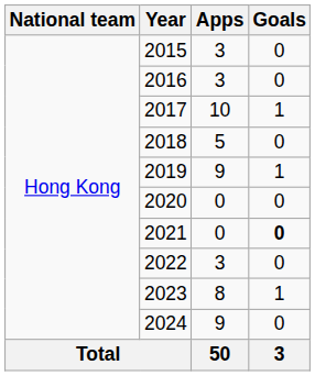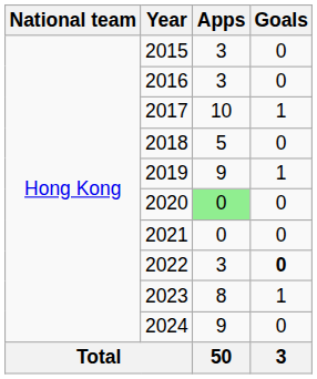 <table class="wikitable" style="text-align:center">
 <tr>
 <th>National team</th>
 <th>Year</th>
 <th>Apps</th>
 <th>Goals</th>
 </tr>
 <tr>
 <td rowspan="10"><a href='#'>Hong Kong</a></td>
 <td>2015</td>
 <td>3</td>
 <td>0</td>
 </tr>
 <tr>
 <td>2016</td>
 <td>3</td>
 <td>0</td>
 </tr>
 <tr>
 <td>2017</td>
 <td>10</td>
 <td>1</td>
 </tr>
 <tr>
 <td>2018</td>
 <td>5</td>
 <td>0</td>
 </tr>
 <tr>
 <td>2019</td>
 <td>9</td>
 <td>1</td>
 </tr>
 <tr>
 <td>2020</td>
-<td>0</td>
+<td style="background: lightgreen;">0</td>
 <td>0</td>
 </tr>
 <tr>
 <td>2021</td>
 <td>0</td>
-<td><strong>0</strong></td>
+<td>0</td>
 </tr>
 <tr>
 <td>2022</td>
 <td>3</td>
-<td>0</td>
+<td><strong>0</strong></td>
 </tr>
 <tr>
 <td>2023</td>
 <td>8</td>
 <td>1</td>
 </tr>
 <tr>
 <td>2024</td>
 <td>9</td>
 <td>0</td>
 </tr>
 <tr>
 <th colspan="2">Total</th>
 <th>50</th>
 <th>3</th>
 </tr>
 </table>
